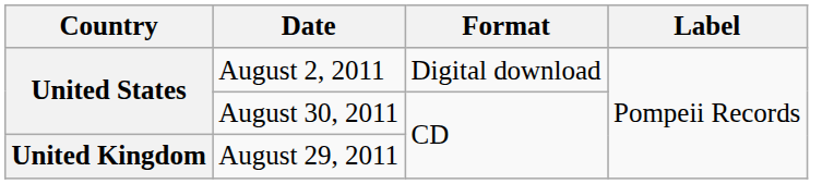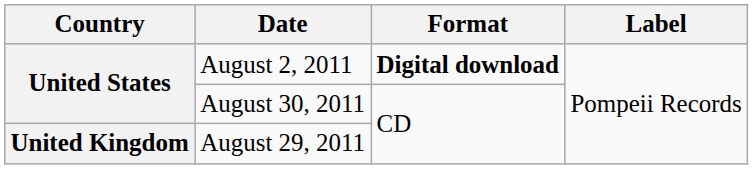 <table class="wikitable plainrowheaders">
 <tr>
 <th>Country</th>
 <th>Date</th>
 <th>Format</th>
 <th>Label</th>
 </tr>
 <tr>
 <th scope="row" rowspan="2">United States</th>
 <td>August 2, 2011</td>
-<td>Digital download</td>
+<td><strong>Digital download</strong></td>
 <td rowspan="3">Pompeii Records</td>
 </tr>
 <tr>
 <td>August 30, 2011</td>
 <td rowspan="2">CD</td>
 </tr>
 <tr>
 <th scope="row">United Kingdom</th>
 <td>August 29, 2011</td>
 </tr>
 </table>
